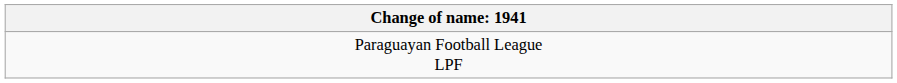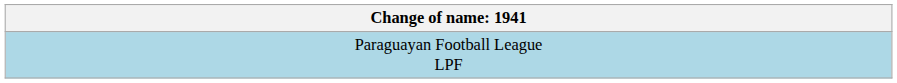 <table class="wikitable" border="1" style="font-size: 95%; margin: 10px auto; text-align: center; width: 65%;">
 <tr>
 <th>Change of name: 1941</th>
 </tr>
 <tr>
-<td>Paraguayan Football League<br>LPF</td>
+<td style="background: lightblue;">Paraguayan Football League<br>LPF</td>
 </tr>
 </table>
